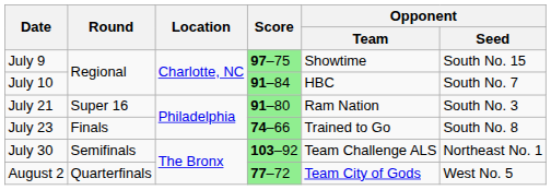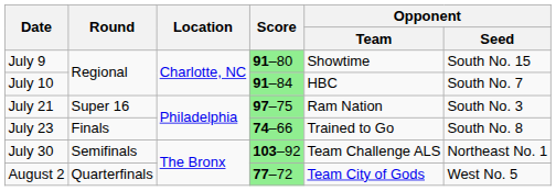 <table class="wikitable">
 <tr>
 <th rowspan=2>Date</th>
 <th rowspan=2>Round</th>
 <th rowspan=2>Location</th>
 <th rowspan=2>Score</th>
 <th colspan=2>Opponent</th>
 </tr>
 <tr>
 <th>Team</th>
 <th>Seed</th>
 </tr>
 <tr>
 <td>July 9</td>
 <td rowspan=2>Regional</td>
 <td rowspan=2><a href='#'>Charlotte, NC</a></td>
-<td bgcolor=lightgreen><strong>97</strong>–75</td>
+<td bgcolor=lightgreen><strong>91</strong>–80</td>
 <td>Showtime</td>
 <td>South No. 15</td>
 </tr>
 <tr>
 <td>July 10</td>
 <td bgcolor=lightgreen><strong>91</strong>–84</td>
 <td>HBC</td>
 <td>South No. 7</td>
 </tr>
 <tr>
 <td>July 21</td>
 <td>Super 16</td>
 <td rowspan=2><a href='#'>Philadelphia</a></td>
-<td bgcolor=lightgreen><strong>91</strong>–80</td>
+<td bgcolor=lightgreen><strong>97</strong>–75</td>
 <td>Ram Nation</td>
 <td>South No. 3</td>
 </tr>
 <tr>
 <td>July 23</td>
 <td>Finals</td>
 <td bgcolor=lightgreen><strong>74</strong>–66</td>
 <td>Trained to Go</td>
 <td>South No. 8</td>
 </tr>
 <tr>
 <td>July 30</td>
 <td>Semifinals</td>
 <td rowspan=2><a href='#'>The Bronx</a></td>
 <td bgcolor=lightgreen><strong>103</strong>–92</td>
 <td>Team Challenge ALS</td>
 <td>Northeast No. 1</td>
 </tr>
 <tr>
 <td>August 2</td>
 <td>Quarterfinals</td>
 <td bgcolor=lightgreen><strong>77</strong>–72</td>
 <td><a href='#'>Team City of Gods</a></td>
 <td>West No. 5</td>
 </tr>
 </table>
